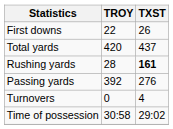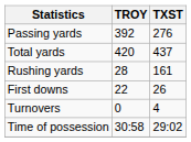 <table class="wikitable" style="float: left;">
 <tr>
 <th>Statistics</th>
 <th>TROY</th>
 <th>TXST</th>
 </tr>
 <tr>
-<td>First downs</td>
-<td>22</td>
-<td>26</td>
+<td>Passing yards</td>
+<td>392</td>
+<td>276</td>
 </tr>
 <tr>
 <td>Total yards</td>
 <td>420</td>
 <td>437</td>
 </tr>
 <tr>
 <td>Rushing yards</td>
 <td>28</td>
-<td><strong>161</strong></td>
+<td>161</td>
 </tr>
 <tr>
-<td>Passing yards</td>
-<td>392</td>
-<td>276</td>
+<td>First downs</td>
+<td>22</td>
+<td>26</td>
 </tr>
 <tr>
 <td>Turnovers</td>
 <td>0</td>
 <td>4</td>
 </tr>
 <tr>
 <td>Time of possession</td>
 <td>30:58</td>
 <td>29:02</td>
 </tr>
 <tr>
 </tr>
 </table>
